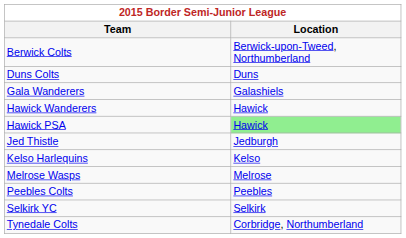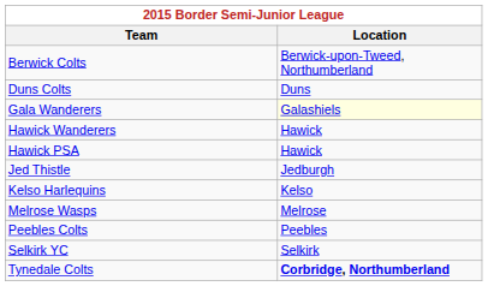 <table class="wikitable sortable" style="text-align:left; line-height:110%; font-size:100%; width:95%;">
 <tr>
 <td colspan=4 align=center  style="background-color:#ffffff;color:#BE2625"><strong>2015 Border Semi-Junior League</strong></td>
 </tr>
 <tr>
 <th width="40%">Team</th>
 <th width="30%">Location</th>
 </tr>
 <tr>
 <td><a href='#'>Berwick Colts</a></td>
 <td><a href='#'>Berwick-upon-Tweed</a>, <a href='#'>Northumberland</a></td>
 </tr>
 <tr>
 <td><a href='#'>Duns Colts</a></td>
 <td><a href='#'>Duns</a></td>
 </tr>
 <tr>
 <td><a href='#'>Gala Wanderers</a></td>
-<td><a href='#'>Galashiels</a></td>
+<td style="background: lightyellow;"><a href='#'>Galashiels</a></td>
 </tr>
 <tr>
 <td><a href='#'>Hawick Wanderers</a></td>
 <td><a href='#'>Hawick</a></td>
 </tr>
 <tr>
 <td><a href='#'>Hawick PSA</a></td>
-<td style="background: lightgreen;"><a href='#'>Hawick</a></td>
+<td><a href='#'>Hawick</a></td>
 </tr>
 <tr>
 <td><a href='#'>Jed Thistle</a></td>
 <td><a href='#'>Jedburgh</a></td>
 </tr>
 <tr>
 <td><a href='#'>Kelso Harlequins</a></td>
 <td><a href='#'>Kelso</a></td>
 </tr>
 <tr>
 <td><a href='#'>Melrose Wasps</a></td>
 <td><a href='#'>Melrose</a></td>
 </tr>
 <tr>
 <td><a href='#'>Peebles Colts</a></td>
 <td><a href='#'>Peebles</a></td>
 </tr>
 <tr>
 <td><a href='#'>Selkirk YC</a></td>
 <td><a href='#'>Selkirk</a></td>
 </tr>
 <tr>
 <td><a href='#'>Tynedale Colts</a></td>
-<td><a href='#'>Corbridge</a>, <a href='#'>Northumberland</a></td>
+<td><strong><a href='#'>Corbridge</a>, <a href='#'>Northumberland</a></strong></td>
 </tr>
 </table>
